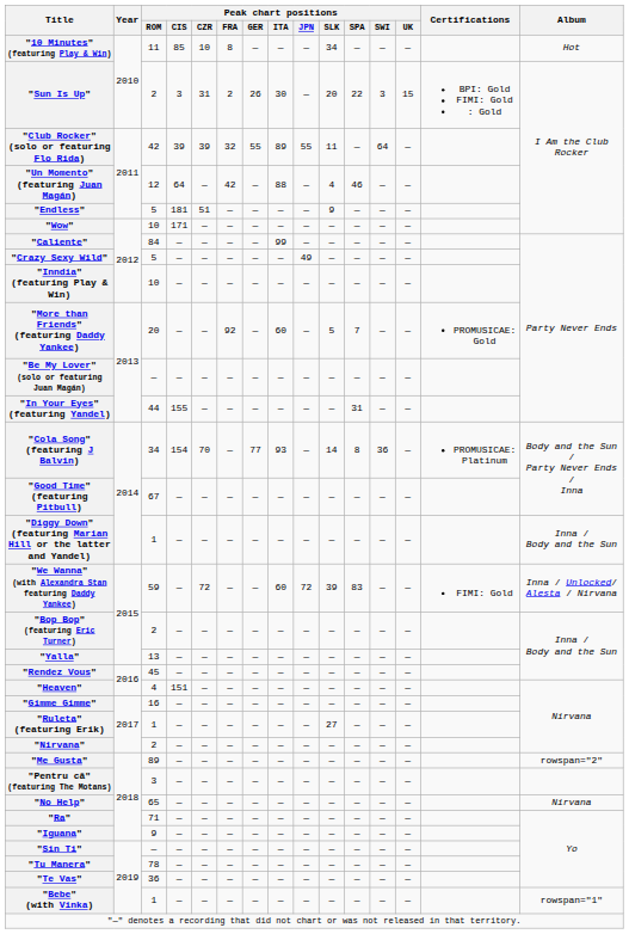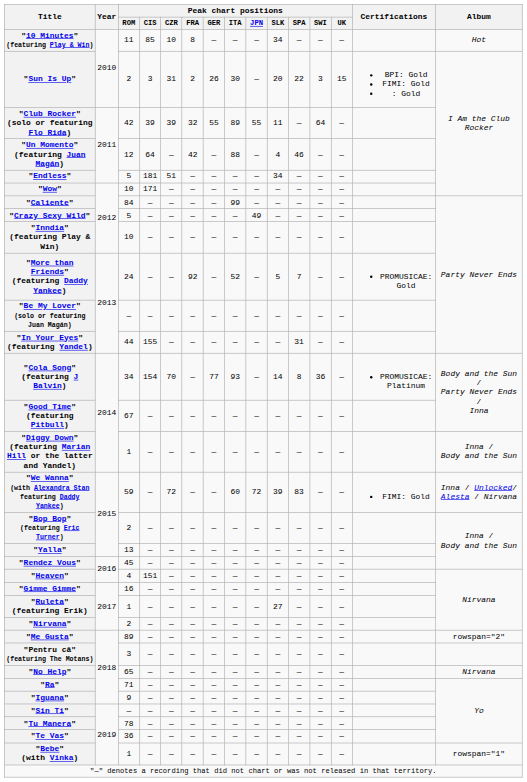 <table class="wikitable plainrowheaders" style="text-align:center;">
 <tr>
 <th scope="col" rowspan="2" style="width:11em;">Title</th>
 <th scope="col" rowspan="2" style="width:1em;">Year</th>
 <th scope="col" colspan="11">Peak chart positions</th>
 <th scope="col" rowspan="2" style="width:10em;">Certifications</th>
 <th scope="col" rowspan="2" style="width:10.5em;">Album</th>
 </tr>
 <tr>
 <th scope="col" style="width:2.5em;font-size:90%;">ROM<br></th>
 <th scope="col" style="width:2.5em;font-size:90%;">CIS<br></th>
 <th scope="col" style="width:2.5em;font-size:90%;">CZR<br></th>
 <th scope="col" style="width:2.5em;font-size:90%;">FRA<br></th>
 <th scope="col" style="width:2.5em;font-size:90%;">GER<br></th>
 <th scope="col" style="width:2.5em;font-size:90%;">ITA<br></th>
 <th scope="col" style="width:2.5em;font-size:90%;"><a href='#'>JPN</a><br></th>
 <th scope="col" style="width:2.5em;font-size:90%;">SLK<br></th>
 <th scope="col" style="width:2.5em;font-size:90%;">SPA<br></th>
 <th scope="col" style="width:2.5em;font-size:90%;">SWI<br></th>
 <th scope="col" style="width:2.5em;font-size:90%;">UK<br></th>
 </tr>
 <tr>
 <th scope="row">"<a href='#'>10 Minutes</a>"<br><small>(featuring <a href='#'>Play & Win</a>)</small></th>
 <td rowspan="2">2010</td>
 <td>11</td>
 <td>85</td>
 <td>10</td>
 <td>8</td>
 <td>—</td>
 <td>—</td>
 <td>—</td>
 <td>34</td>
 <td>—</td>
 <td>—</td>
 <td>—</td>
 <td></td>
 <td rowspan="1"><em>Hot</em></td>
 </tr>
 <tr>
 <th scope="row">"<a href='#'>Sun Is Up</a>"</th>
 <td>2</td>
 <td>3</td>
 <td>31</td>
 <td>2</td>
 <td>26</td>
 <td>30</td>
 <td>—</td>
 <td>20</td>
 <td>22</td>
 <td>3</td>
 <td>15</td>
 <td><br><ul><li>BPI: Gold</li><li>FIMI: Gold</li><li><a href='#'></a>: Gold</li></ul></td>
 <td rowspan="5"><em>I Am the Club Rocker</em></td>
 </tr>
 <tr>
 <th scope="row">"<a href='#'>Club Rocker</a>"<br><span>(solo or featuring <a href='#'>Flo Rida</a>)</span></th>
 <td rowspan="3">2011</td>
 <td>42</td>
 <td>39</td>
 <td>39</td>
 <td>32</td>
 <td>55</td>
 <td>89</td>
 <td>55</td>
 <td>11</td>
 <td>—</td>
 <td>64</td>
 <td>—</td>
 <td></td>
 </tr>
 <tr>
 <th scope="row">"<a href='#'>Un Momento</a>"<br><span>(featuring <a href='#'>Juan Magán</a>)</span></th>
 <td>12</td>
 <td>64</td>
 <td>—</td>
 <td>42</td>
 <td>—</td>
 <td>88</td>
 <td>—</td>
 <td>4</td>
 <td>46</td>
 <td>—</td>
 <td>—</td>
 <td></td>
 </tr>
 <tr>
 <th scope="row">"<a href='#'>Endless</a>"</th>
 <td>5</td>
 <td>181</td>
 <td>51</td>
 <td>—</td>
 <td>—</td>
 <td>—</td>
 <td>—</td>
-<td>9</td>
+<td>34</td>
 <td>—</td>
 <td>—</td>
 <td>—</td>
 <td></td>
 </tr>
 <tr>
 <th scope="row">"<a href='#'>Wow</a>"</th>
 <td rowspan="4">2012</td>
 <td>10</td>
 <td>171</td>
 <td>—</td>
 <td>—</td>
 <td>—</td>
 <td>—</td>
 <td>—</td>
 <td>—</td>
 <td>—</td>
 <td>—</td>
 <td>—</td>
 <td></td>
 </tr>
 <tr>
 <th scope="row">"<a href='#'>Caliente</a>"</th>
 <td>84</td>
 <td>—</td>
 <td>—</td>
 <td>—</td>
 <td>—</td>
 <td>99</td>
 <td>—</td>
 <td>—</td>
 <td>—</td>
 <td>—</td>
 <td>—</td>
 <td></td>
 <td rowspan="6"><em>Party Never Ends</em></td>
 </tr>
 <tr>
 <th scope="row">"<a href='#'>Crazy Sexy Wild</a>"</th>
 <td>5</td>
 <td>—</td>
 <td>—</td>
 <td>—</td>
 <td>—</td>
 <td>—</td>
 <td>49</td>
 <td>—</td>
 <td>—</td>
 <td>—</td>
 <td>—</td>
 </tr>
 <tr>
 <th scope="row">"<a href='#'>Inndia</a>"<br><span>(featuring Play & Win)</span></th>
 <td>10</td>
 <td>—</td>
 <td>—</td>
 <td>—</td>
 <td>—</td>
 <td>—</td>
 <td>—</td>
 <td>—</td>
 <td>—</td>
 <td>—</td>
 <td>—</td>
 <td></td>
 </tr>
 <tr>
 <th scope="row">"<a href='#'>More than Friends</a>"<br><span>(featuring <a href='#'>Daddy Yankee</a>)</span></th>
 <td rowspan="3">2013</td>
-<td>20</td>
+<td>24</td>
 <td>—</td>
 <td>—</td>
 <td>92</td>
 <td>—</td>
-<td>60</td>
+<td>52</td>
 <td>—</td>
 <td>5</td>
 <td>7</td>
 <td>—</td>
 <td>—</td>
 <td><br><ul><li>PROMUSICAE: Gold</li></ul></td>
 </tr>
 <tr>
 <th scope="row">"<a href='#'>Be My Lover</a>"<br><small>(solo or featuring Juan Magán)</small></th>
 <td>—</td>
 <td>—</td>
 <td>—</td>
 <td>—</td>
 <td>—</td>
 <td>—</td>
 <td>—</td>
 <td>—</td>
 <td>—</td>
 <td>—</td>
 <td>—</td>
 <td></td>
 </tr>
 <tr>
 <th scope="row">"<a href='#'>In Your Eyes</a>"<br><span>(featuring <a href='#'>Yandel</a>)</span></th>
 <td>44</td>
 <td>155</td>
 <td>—</td>
 <td>—</td>
 <td>—</td>
 <td>—</td>
 <td>—</td>
 <td>—</td>
 <td>31</td>
 <td>—</td>
 <td>—</td>
 <td></td>
 </tr>
 <tr>
 <th scope="row">"<a href='#'>Cola Song</a>"<br><span>(featuring <a href='#'>J Balvin</a>)</span></th>
 <td rowspan="3">2014</td>
 <td>34</td>
 <td>154</td>
 <td>70</td>
 <td>—</td>
 <td>77</td>
 <td>93</td>
 <td>—</td>
 <td>14</td>
 <td>8</td>
 <td>36</td>
 <td>—</td>
 <td><br><ul><li>PROMUSICAE: Platinum</li></ul></td>
 <td rowspan="2"><em>Body and the Sun</em> /<br><em>Party Never Ends</em> /<br><em>Inna</em></td>
 </tr>
 <tr>
 <th scope="row">"<a href='#'>Good Time</a>"<br><span>(featuring <a href='#'>Pitbull</a>)</span></th>
 <td>67</td>
 <td>—</td>
 <td>—</td>
 <td>—</td>
 <td>—</td>
 <td>—</td>
 <td>—</td>
 <td>—</td>
 <td>—</td>
 <td>—</td>
 <td>—</td>
 <td></td>
 </tr>
 <tr>
 <th scope="row">"<a href='#'>Diggy Down</a>"<br><span>(featuring <a href='#'>Marian Hill</a> or the latter and Yandel)</span></th>
 <td>1</td>
 <td>—</td>
 <td>—</td>
 <td>—</td>
 <td>—</td>
 <td>—</td>
 <td>—</td>
 <td>—</td>
 <td>—</td>
 <td>—</td>
 <td>—</td>
 <td></td>
 <td><em>Inna</em> /<br><em>Body and the Sun</em></td>
 </tr>
 <tr>
 <th scope="row">"<a href='#'>We Wanna</a>"<br><small>(with <a href='#'>Alexandra Stan</a> featuring <a href='#'>Daddy Yankee</a>)</small></th>
 <td rowspan="3">2015</td>
 <td>59</td>
 <td>—</td>
 <td>72</td>
 <td>—</td>
 <td>—</td>
 <td>60</td>
 <td>72</td>
 <td>39</td>
 <td>83</td>
 <td>—</td>
 <td>—</td>
 <td><br><ul><li>FIMI: Gold</li></ul></td>
 <td><em>Inna</em> / <em><a href='#'>Unlocked</a></em>/<br> <em><a href='#'>Alesta</a></em> / <em>Nirvana</em></td>
 </tr>
 <tr>
 <th scope="row">"<a href='#'>Bop Bop</a>"<br><small>(featuring <a href='#'>Eric Turner</a>)</small></th>
 <td>2</td>
 <td>—</td>
 <td>—</td>
 <td>—</td>
 <td>—</td>
 <td>—</td>
 <td>—</td>
 <td>—</td>
 <td>—</td>
 <td>—</td>
 <td>—</td>
 <td></td>
 <td rowspan="3"><em>Inna</em> /<br><em>Body and the Sun</em></td>
 </tr>
 <tr>
 <th scope="row">"<a href='#'>Yalla</a>"</th>
 <td>13</td>
 <td>—</td>
 <td>—</td>
 <td>—</td>
 <td>—</td>
 <td>—</td>
 <td>—</td>
 <td>—</td>
 <td>—</td>
 <td>—</td>
 <td>—</td>
 <td></td>
 </tr>
 <tr>
 <th scope="row">"<a href='#'>Rendez Vous</a>"</th>
 <td rowspan="2">2016</td>
 <td>45</td>
 <td>—</td>
 <td>—</td>
 <td>—</td>
 <td>—</td>
 <td>—</td>
 <td>—</td>
 <td>—</td>
 <td>—</td>
 <td>—</td>
 <td>—</td>
 <td></td>
 </tr>
 <tr>
 <th scope="row">"<a href='#'>Heaven</a>"</th>
 <td>4</td>
 <td>151</td>
 <td>—</td>
 <td>—</td>
 <td>—</td>
 <td>—</td>
 <td>—</td>
 <td>—</td>
 <td>—</td>
 <td>—</td>
 <td>—</td>
 <td></td>
 <td rowspan="4"><em>Nirvana</em></td>
 </tr>
 <tr>
 <th scope="row">"<a href='#'>Gimme Gimme</a>"</th>
 <td rowspan="3">2017</td>
 <td>16</td>
 <td>—</td>
 <td>—</td>
 <td>—</td>
 <td>—</td>
 <td>—</td>
 <td>—</td>
 <td>—</td>
 <td>—</td>
 <td>—</td>
 <td>—</td>
 <td></td>
 </tr>
 <tr>
 <th scope="row">"<a href='#'>Ruleta</a>"<br><span>(featuring Erik)</span></th>
 <td>1</td>
 <td>—</td>
 <td>—</td>
 <td>—</td>
 <td>—</td>
 <td>—</td>
 <td>—</td>
 <td>27</td>
 <td>—</td>
 <td>—</td>
 <td>—</td>
 <td></td>
 </tr>
 <tr>
 <th scope="row">"<a href='#'>Nirvana</a>"</th>
 <td>2</td>
 <td>—</td>
 <td>—</td>
 <td>—</td>
 <td>—</td>
 <td>—</td>
 <td>—</td>
 <td>—</td>
 <td>—</td>
 <td>—</td>
 <td>—</td>
 <td></td>
 </tr>
 <tr>
 <th scope="row">"<a href='#'>Me Gusta</a>"</th>
 <td rowspan="5">2018</td>
 <td>89</td>
 <td>—</td>
 <td>—</td>
 <td>—</td>
 <td>—</td>
 <td>—</td>
 <td>—</td>
 <td>—</td>
 <td>—</td>
 <td>—</td>
 <td>—</td>
 <td></td>
 <td>rowspan="2" </td>
 </tr>
 <tr>
 <th scope="row">"Pentru că"<br><small>(featuring The Motans)</small></th>
 <td>3</td>
 <td>—</td>
 <td>—</td>
 <td>—</td>
 <td>—</td>
 <td>—</td>
 <td>—</td>
 <td>—</td>
 <td>—</td>
 <td>—</td>
 <td>—</td>
 <td></td>
 </tr>
 <tr>
 <th scope="row">"<a href='#'>No Help</a>"</th>
 <td>65</td>
 <td>—</td>
 <td>—</td>
 <td>—</td>
 <td>—</td>
 <td>—</td>
 <td>—</td>
 <td>—</td>
 <td>—</td>
 <td>—</td>
 <td>—</td>
 <td></td>
 <td><em>Nirvana</em></td>
 </tr>
 <tr>
 <th scope="row">"<a href='#'>Ra</a>"</th>
 <td>71</td>
 <td>—</td>
 <td>—</td>
 <td>—</td>
 <td>—</td>
 <td>—</td>
 <td>—</td>
 <td>—</td>
 <td>—</td>
 <td>—</td>
 <td>—</td>
 <td></td>
 <td rowspan="5"><em>Yo</em></td>
 </tr>
 <tr>
 <th scope="row">"<a href='#'>Iguana</a>"</th>
 <td>9</td>
 <td>—</td>
 <td>—</td>
 <td>—</td>
 <td>—</td>
 <td>—</td>
 <td>—</td>
 <td>—</td>
 <td>—</td>
 <td>—</td>
 <td>—</td>
 <td></td>
 </tr>
 <tr>
 <th scope="row">"<a href='#'>Sin Ti</a>"</th>
 <td rowspan="4">2019</td>
 <td>—</td>
 <td>—</td>
 <td>—</td>
 <td>—</td>
 <td>—</td>
 <td>—</td>
 <td>—</td>
 <td>—</td>
 <td>—</td>
 <td>—</td>
 <td>—</td>
 <td></td>
 </tr>
 <tr>
 <th scope="row">"<a href='#'>Tu Manera</a>"</th>
 <td>78</td>
 <td>—</td>
 <td>—</td>
 <td>—</td>
 <td>—</td>
 <td>—</td>
 <td>—</td>
 <td>—</td>
 <td>—</td>
 <td>—</td>
 <td>—</td>
 <td></td>
 </tr>
 <tr>
 <th scope="row">"<a href='#'>Te Vas</a>"</th>
 <td>36</td>
 <td>—</td>
 <td>—</td>
 <td>—</td>
 <td>—</td>
 <td>—</td>
 <td>—</td>
 <td>—</td>
 <td>—</td>
 <td>—</td>
 <td>—</td>
 <td></td>
 </tr>
 <tr>
 <th scope="row">"<a href='#'>Bebe</a>"<br><span>(with <a href='#'>Vinka</a>)</span></th>
 <td>1</td>
 <td>—</td>
 <td>—</td>
 <td>—</td>
 <td>—</td>
 <td>—</td>
 <td>—</td>
 <td>—</td>
 <td>—</td>
 <td>—</td>
 <td>—</td>
 <td></td>
 <td>rowspan="1" </td>
 </tr>
 <tr>
 <td colspan="18" style="font-size:90%">"—" denotes a recording that did not chart or was not released in that territory.</td>
 </tr>
 </table>
